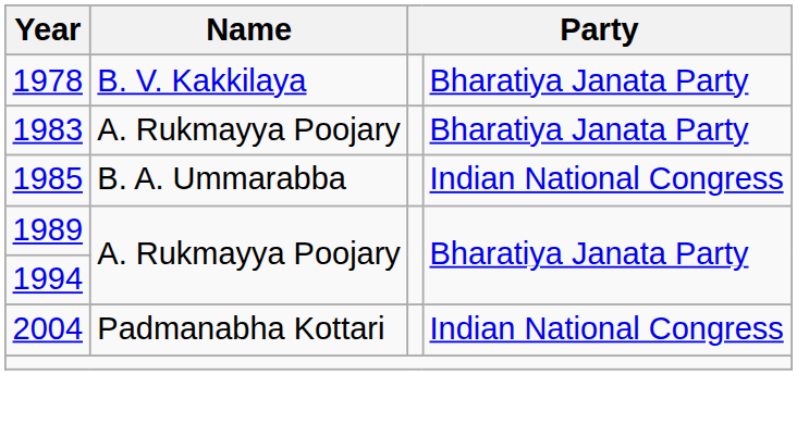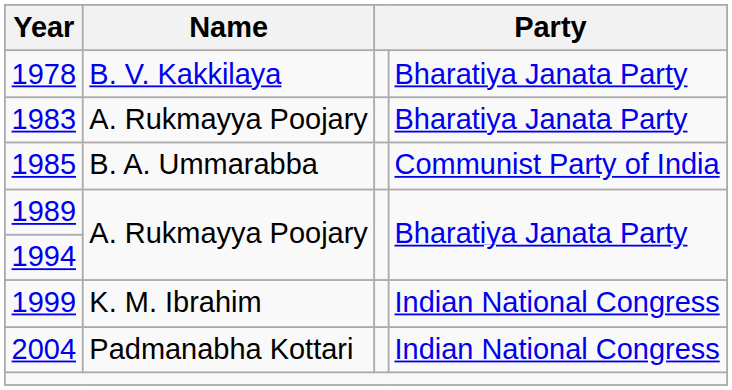 <table class="wikitable">
 <tr>
 <th>Year</th>
 <th>Name</th>
 <th colspan="2">Party</th>
 </tr>
 <tr>
 <td><a href='#'>1978</a></td>
 <td><a href='#'>B. V. Kakkilaya</a></td>
 <td style="background-color: "></td>
 <td><a href='#'>Bharatiya Janata Party</a></td>
 </tr>
 <tr>
 <td><a href='#'>1983</a></td>
 <td>A. Rukmayya Poojary</td>
 <td style="background-color: "></td>
 <td><a href='#'>Bharatiya Janata Party</a></td>
 </tr>
 <tr>
 <td><a href='#'>1985</a></td>
 <td>B. A. Ummarabba</td>
 <td style="background-color: "></td>
-<td><a href='#'>Indian National Congress</a></td>
+<td><a href='#'>Communist Party of India</a></td>
 </tr>
 <tr>
 <td><a href='#'>1989</a></td>
 <td rowspan="2">A. Rukmayya Poojary</td>
 <td rowspan="2" style="background-color: "></td>
 <td rowspan="2"><a href='#'>Bharatiya Janata Party</a></td>
 </tr>
 <tr>
 <td><a href='#'>1994</a></td>
 </tr>
 <tr>
+<td><a href='#'>1999</a></td>
+<td>K. M. Ibrahim</td>
+<td style="background-color: "></td>
+<td><a href='#'>Indian National Congress</a></td>
+</tr>
+<tr>
 <td><a href='#'>2004</a></td>
 <td>Padmanabha Kottari</td>
 <td style="background-color: "></td>
 <td><a href='#'>Indian National Congress</a></td>
 </tr>
 <tr>
 <td colspan="4"></td>
 </tr>
 </table>
